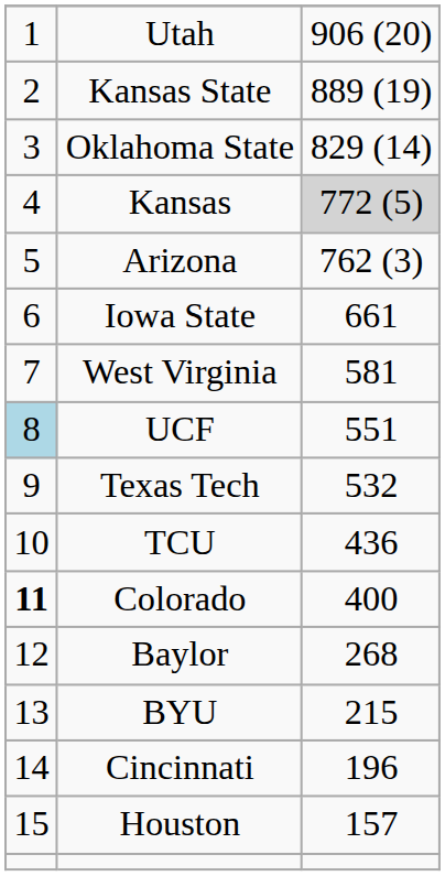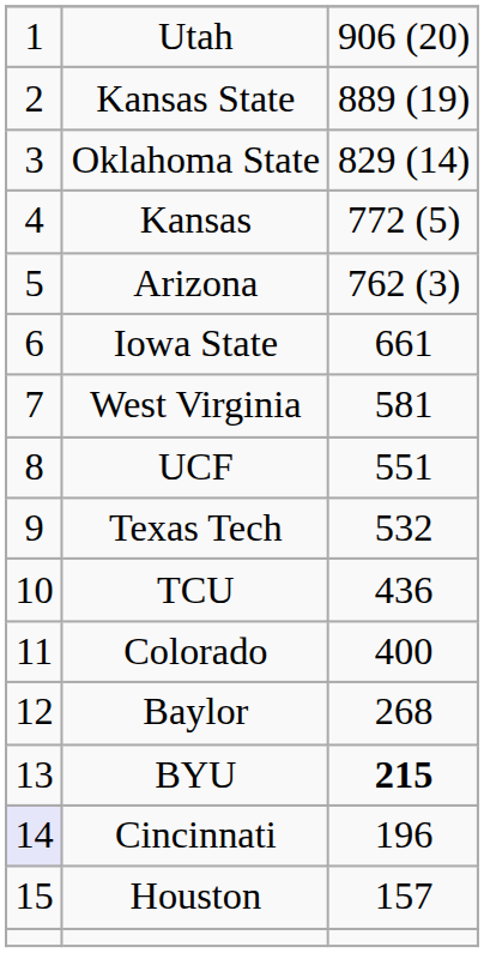 <table class="wikitable" style="display: inline-table;">
 <tr align="center">
 </tr>
 <tr align="center">
 <td>1</td>
 <td>Utah</td>
 <td>906 (20)</td>
 </tr>
 <tr align="center">
 <td>2</td>
 <td>Kansas State</td>
 <td>889 (19)</td>
 </tr>
 <tr align="center">
 <td>3</td>
 <td>Oklahoma State</td>
 <td>829 (14)</td>
 </tr>
 <tr align="center">
 <td>4</td>
 <td>Kansas</td>
-<td style="background: lightgrey;">772 (5)</td>
+<td>772 (5)</td>
 </tr>
 <tr align="center">
 <td>5</td>
 <td>Arizona</td>
 <td>762 (3)</td>
 </tr>
 <tr align="center">
 <td>6</td>
 <td>Iowa State</td>
 <td>661</td>
 </tr>
 <tr align="center">
 <td>7</td>
 <td>West Virginia</td>
 <td>581</td>
 </tr>
 <tr align="center">
-<td style="background: lightblue;">8</td>
+<td>8</td>
 <td>UCF</td>
 <td>551</td>
 </tr>
 <tr align="center">
 <td>9</td>
 <td>Texas Tech</td>
 <td>532</td>
 </tr>
 <tr align="center">
 <td>10</td>
 <td>TCU</td>
 <td>436</td>
 </tr>
 <tr align="center">
-<td><strong>11</strong></td>
+<td>11</td>
 <td>Colorado</td>
 <td>400</td>
 </tr>
 <tr align="center">
 <td>12</td>
 <td>Baylor</td>
 <td>268</td>
 </tr>
 <tr align="center">
 <td>13</td>
 <td>BYU</td>
-<td>215</td>
+<td><strong>215</strong></td>
 </tr>
 <tr align="center">
-<td>14</td>
+<td style="background: lavender;">14</td>
 <td>Cincinnati</td>
 <td>196</td>
 </tr>
 <tr align="center">
 <td>15</td>
 <td>Houston</td>
 <td>157</td>
 </tr>
 <tr align="center">
 <td style=><strong></strong></td>
 <td style=><strong></strong></td>
 <td style=><strong></strong></td>
 </tr>
 </table>
